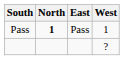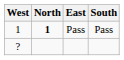 <table class=wikitable style="float:left; margin-top:5px; margin-right:10px;">
 <tr>
-<th>South</th>
+<th>West</th>
 <th>North</th>
 <th>East</th>
-<th>West</th>
+<th>South</th>
 </tr>
 <tr align=center>
-<td>Pass</td>
+<td>1</td>
 <td><strong>1</strong></td>
 <td>Pass</td>
-<td>1</td>
+<td>Pass</td>
 </tr>
 <tr align=center>
+<td>?</td>
 <td></td>
 <td></td>
 <td></td>
-<td>?</td>
 </tr>
 </table>
